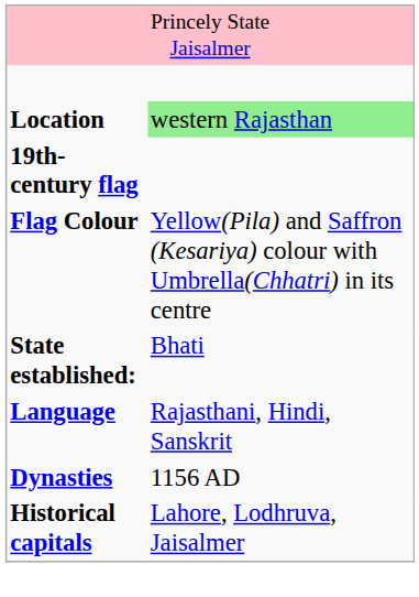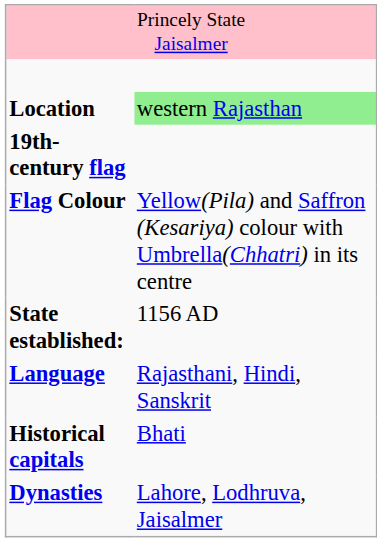 <table class="infobox"  cellpadding="2" cellspacing="2" style="width:250px; border-collapse:collapse; font-size:95%;">
 <tr>
 <td colspan="2" style="margin-left:inherit; background:pink; text-align:center; font-size:small;">Princely State<br><a href='#'>Jaisalmer</a></td>
 </tr>
 <tr style="text-align:center;">
 <td colspan="2"><br></td>
 </tr>
 <tr style="vertical-align: top;">
 <td><strong>Location</strong></td>
 <td style="background: lightgreen;">western <a href='#'>Rajasthan</a></td>
 </tr>
 <tr style="vertical-align: top;">
 <td><strong>19th-century <a href='#'>flag</a></strong></td>
 <td></td>
 </tr>
 <tr>
 <td><strong><a href='#'>Flag</a> Colour</strong></td>
 <td><a href='#'>Yellow</a><em>(Pila)</em> and <a href='#'>Saffron</a> <em>(Kesariya)</em> colour with <a href='#'>Umbrella</a><em>(<a href='#'>Chhatri</a>)</em> in its centre</td>
 </tr>
 <tr style="vertical-align: top;">
 <td><strong>State established:</strong></td>
-<td><a href='#'>Bhati</a></td>
+<td>1156 AD</td>
 </tr>
 <tr style="vertical-align: top;">
 <td><strong><a href='#'>Language</a></strong></td>
 <td><a href='#'>Rajasthani</a>, <a href='#'>Hindi</a>, <a href='#'>Sanskrit</a></td>
 </tr>
 <tr style="vertical-align: top;">
-<td><strong><a href='#'>Dynasties</a></strong></td>
-<td>1156 AD</td>
+<td><strong>Historical <a href='#'>capitals</a></strong></td>
+<td><a href='#'>Bhati</a></td>
 </tr>
 <tr style="vertical-align: top;">
-<td><strong>Historical <a href='#'>capitals</a></strong></td>
+<td><strong><a href='#'>Dynasties</a></strong></td>
 <td><a href='#'>Lahore</a>, <a href='#'>Lodhruva</a>, <a href='#'>Jaisalmer</a></td>
 </tr>
 <tr style="vertical-align: top;">
 </tr>
 </table>
